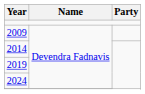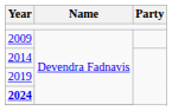 <table class="wikitable">
 <tr>
 <th>Year</th>
 <th>Name</th>
 <th colspan="3">Party</th>
 </tr>
 <tr>
 <td colspan="5"></td>
 </tr>
 <tr>
 <td><a href='#'>2009</a></td>
 <td rowspan="4"><a href='#'>Devendra Fadnavis</a></td>
 <td></td>
 </tr>
 <tr>
 <td><a href='#'>2014</a></td>
 </tr>
 <tr>
 <td><a href='#'>2019</a></td>
 </tr>
 <tr>
-<td><a href='#'>2024</a></td>
+<td><strong><a href='#'>2024</a></strong></td>
 </tr>
 <tr>
 </tr>
 </table>
